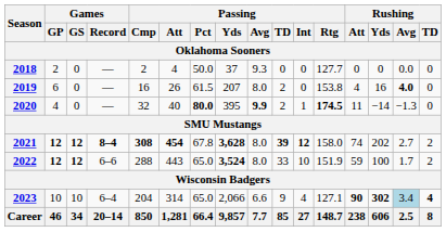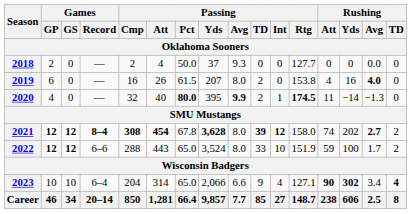 <table class=wikitable style="text-align:center;">
 <tr>
 <th rowspan="2">Season</th>
 <th colspan="3">Games</th>
 <th colspan="8">Passing</th>
 <th colspan="5">Rushing</th>
 </tr>
 <tr>
 <th>GP</th>
 <th>GS</th>
 <th>Record</th>
 <th>Cmp</th>
 <th>Att</th>
 <th>Pct</th>
 <th>Yds</th>
 <th>Avg</th>
 <th>TD</th>
 <th>Int</th>
 <th>Rtg</th>
 <th>Att</th>
 <th>Yds</th>
 <th>Avg</th>
 <th>TD</th>
 </tr>
 <tr>
 <th colspan="16">Oklahoma Sooners</th>
 </tr>
 <tr>
 <th><a href='#'>2018</a></th>
 <td>2</td>
 <td>0</td>
 <td>—</td>
 <td>2</td>
 <td>4</td>
 <td>50.0</td>
 <td>37</td>
 <td>9.3</td>
 <td>0</td>
 <td>0</td>
 <td>127.7</td>
 <td>0</td>
 <td>0</td>
 <td>0.0</td>
 <td>0</td>
 </tr>
 <tr>
 <th><a href='#'>2019</a></th>
 <td>6</td>
 <td>0</td>
 <td>—</td>
 <td>16</td>
 <td>26</td>
 <td>61.5</td>
 <td>207</td>
 <td>8.0</td>
 <td>2</td>
 <td>0</td>
 <td>153.8</td>
 <td>4</td>
 <td>16</td>
 <td><strong>4.0</strong></td>
 <td>0</td>
 </tr>
 <tr>
 <th><a href='#'>2020</a></th>
 <td>4</td>
 <td>0</td>
 <td>—</td>
 <td>32</td>
 <td>40</td>
 <td><strong>80.0</strong></td>
 <td>395</td>
 <td><strong>9.9</strong></td>
 <td>2</td>
 <td>1</td>
 <td><strong>174.5</strong></td>
 <td>11</td>
 <td>−14</td>
 <td>−1.3</td>
 <td>0</td>
 </tr>
 <tr>
 <th colspan="16">SMU Mustangs</th>
 </tr>
 <tr>
 <th><a href='#'>2021</a></th>
 <td><strong>12</strong></td>
 <td><strong>12</strong></td>
 <td><strong>8–4</strong></td>
 <td><strong>308</strong></td>
 <td><strong>454</strong></td>
 <td>67.8</td>
 <td><strong>3,628</strong></td>
 <td>8.0</td>
 <td><strong>39</strong></td>
 <td><strong>12</strong></td>
 <td>158.0</td>
 <td>74</td>
 <td>202</td>
-<td>2.7</td>
+<td><strong>2.7</strong></td>
 <td>2</td>
 </tr>
 <tr>
 <th><a href='#'>2022</a></th>
 <td><strong>12</strong></td>
 <td><strong>12</strong></td>
 <td>6–6</td>
 <td>288</td>
 <td>443</td>
 <td>65.0</td>
-<td><strong>3,524</strong></td>
+<td>3,524</td>
 <td>8.0</td>
 <td>33</td>
 <td>10</td>
 <td>151.9</td>
 <td>59</td>
 <td>100</td>
 <td>1.7</td>
 <td>2</td>
 </tr>
 <tr>
 <th colspan="16">Wisconsin Badgers</th>
 </tr>
 <tr>
 <th><a href='#'>2023</a></th>
 <td>10</td>
 <td>10</td>
 <td>6–4</td>
 <td>204</td>
 <td>314</td>
 <td>65.0</td>
 <td>2,066</td>
 <td>6.6</td>
 <td>9</td>
 <td>4</td>
 <td>127.1</td>
 <td><strong>90</strong></td>
 <td><strong>302</strong></td>
-<td style="background: lightblue;">3.4</td>
+<td>3.4</td>
 <td><strong>4</strong></td>
 </tr>
 <tr>
 <th>Career</th>
 <th>46</th>
 <th>34</th>
 <th>20–14</th>
 <th>850</th>
 <th>1,281</th>
 <th>66.4</th>
 <th>9,857</th>
 <th>7.7</th>
 <th>85</th>
 <th>27</th>
 <th>148.7</th>
 <th>238</th>
 <th>606</th>
 <th>2.5</th>
 <th>8</th>
 </tr>
 </table>
